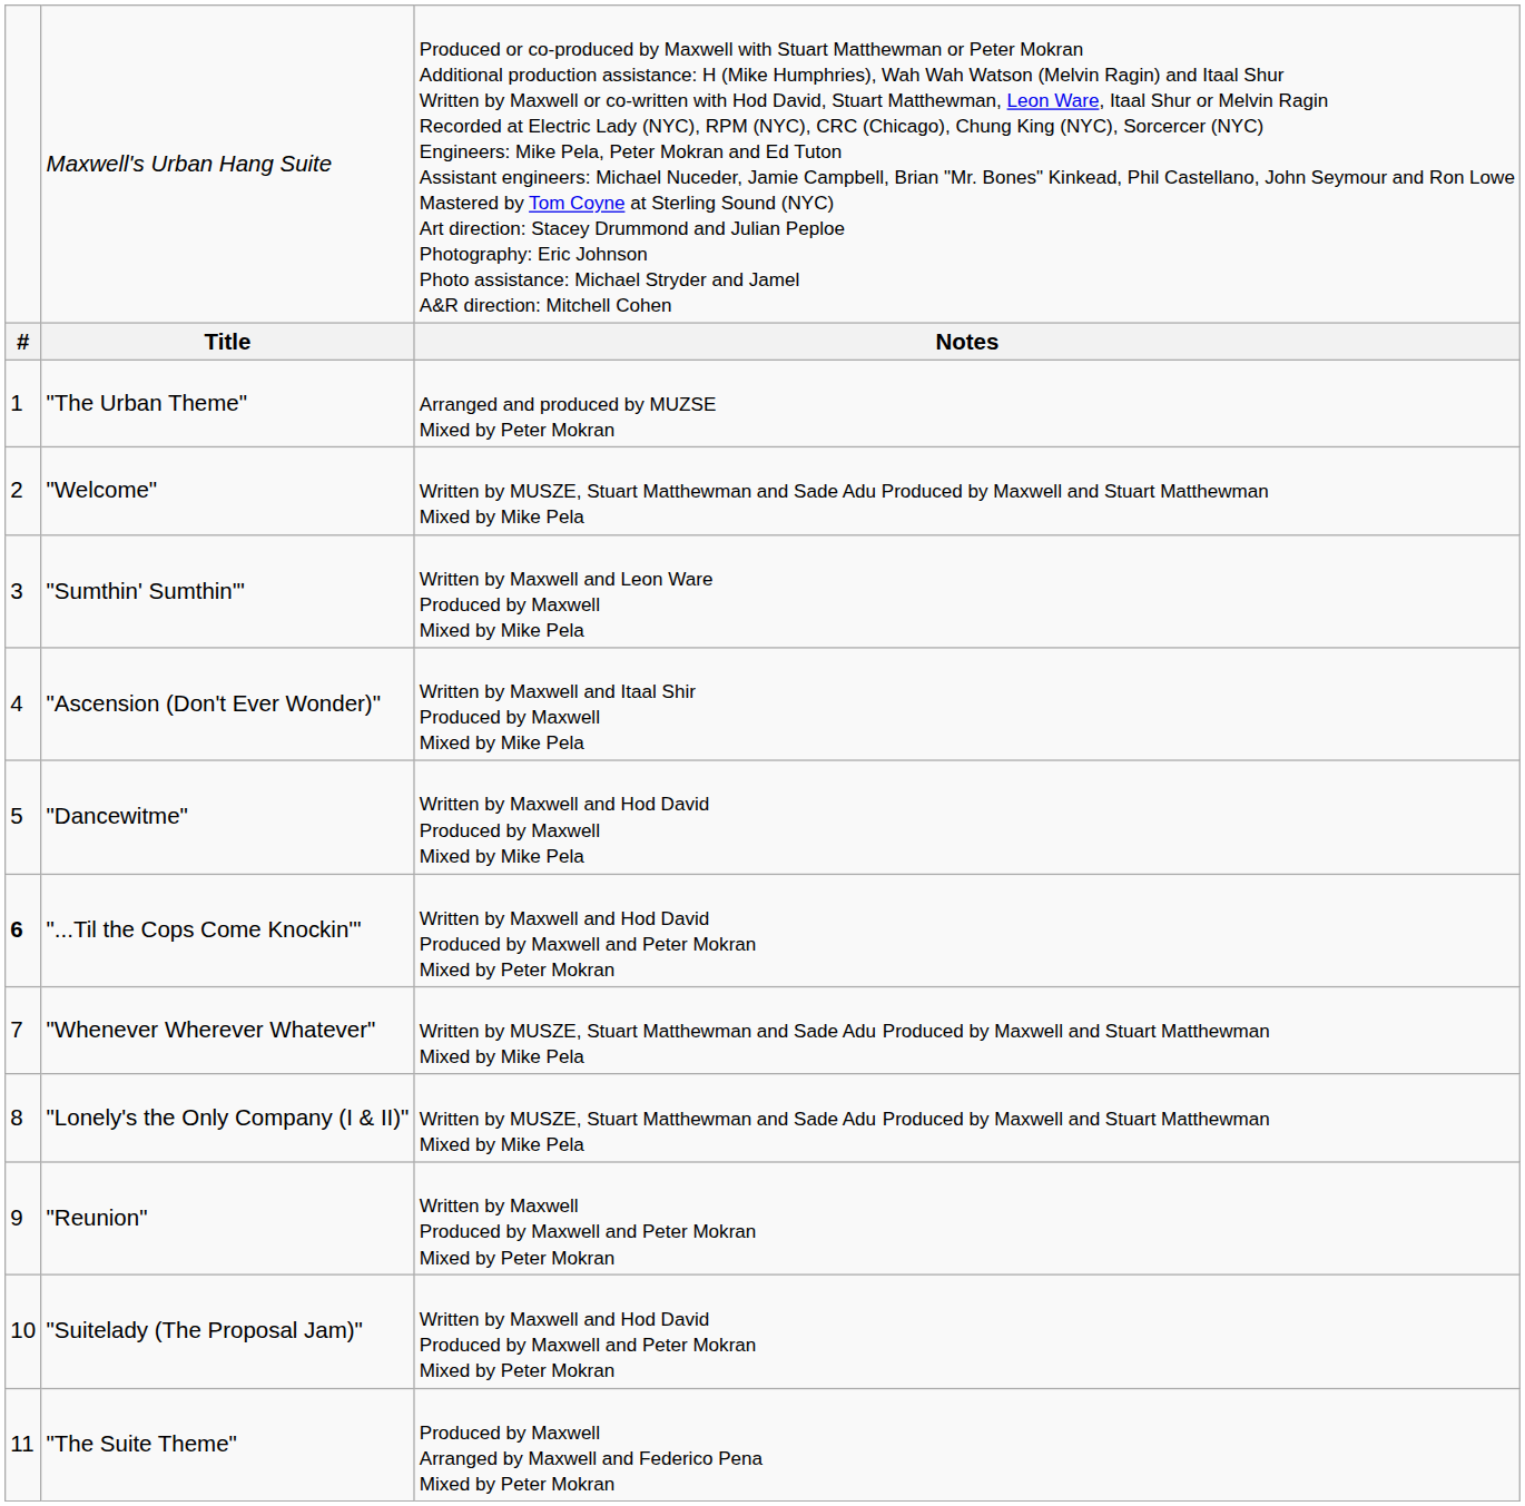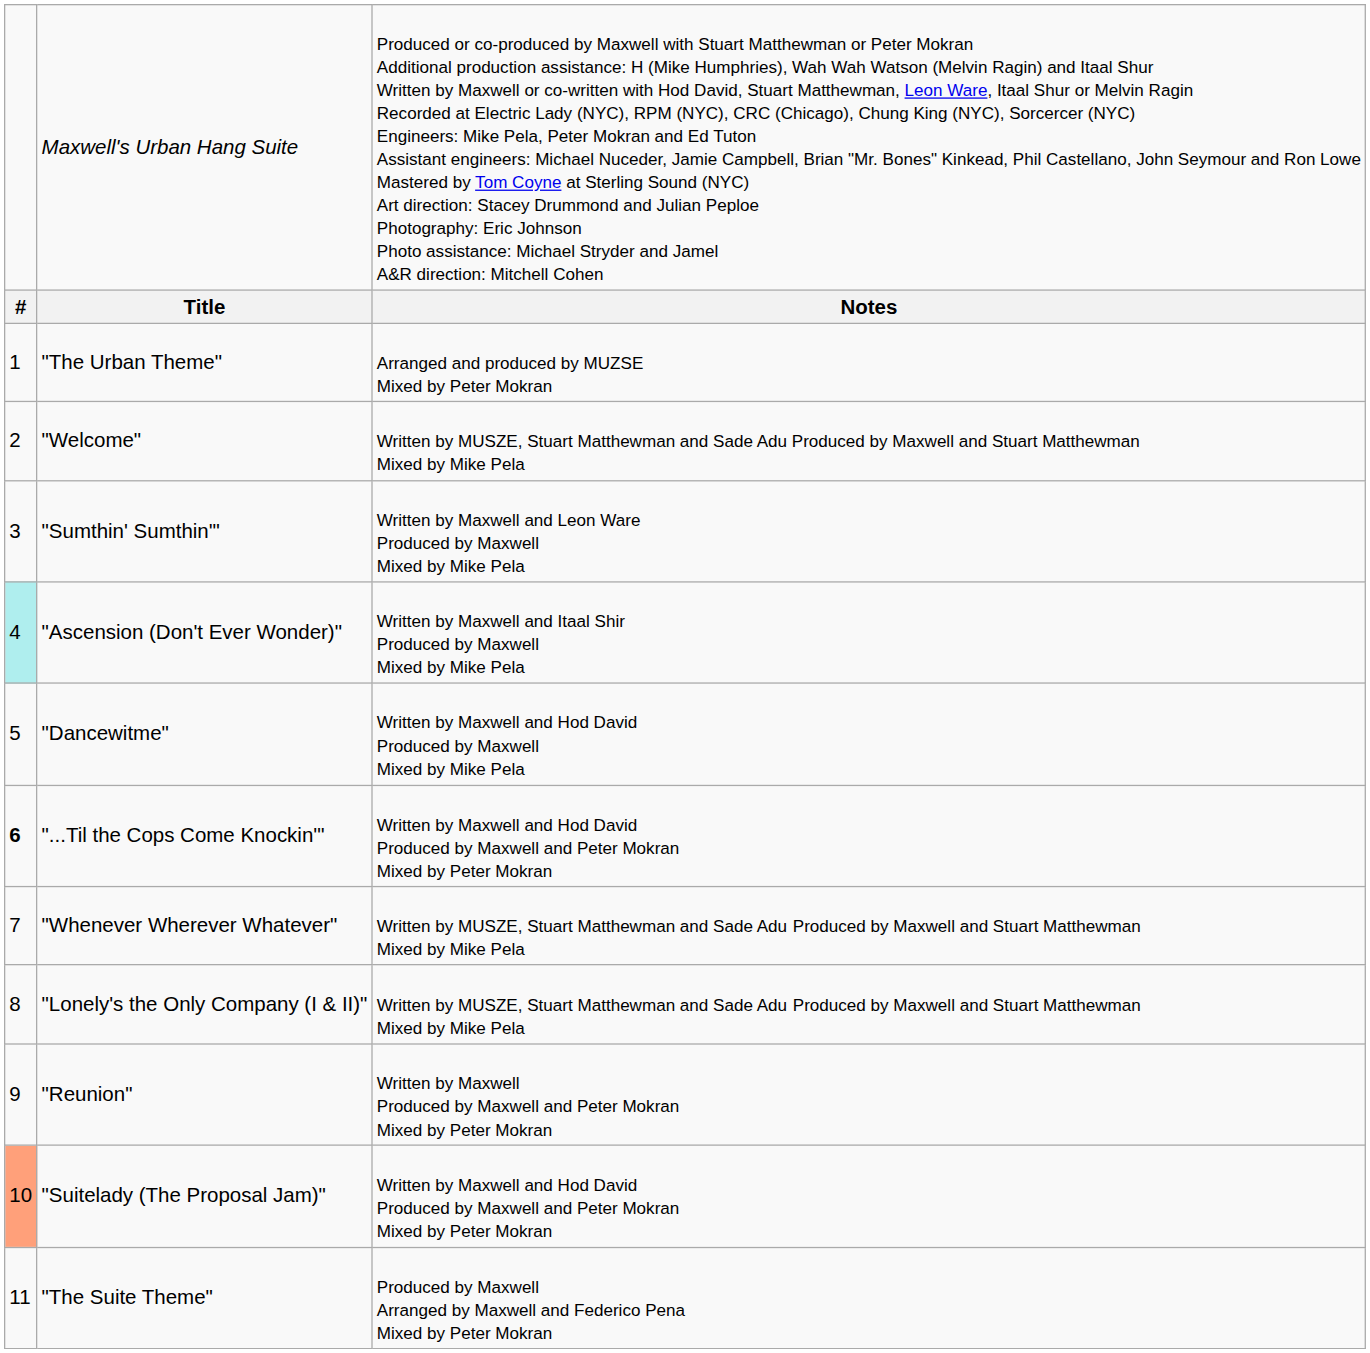 <table class="wikitable">
 <tr>
 <td></td>
 <td><em>Maxwell's Urban Hang Suite</em></td>
 <td><br><small>Produced or co-produced by Maxwell with Stuart Matthewman or Peter Mokran <br>Additional production assistance: H (Mike Humphries), Wah Wah Watson (Melvin Ragin) and Itaal Shur <br>Written by Maxwell or co-written with Hod David, Stuart Matthewman, <a href='#'>Leon Ware</a>, Itaal Shur or Melvin Ragin <br>Recorded at Electric Lady (NYC), RPM (NYC), CRC (Chicago), Chung King (NYC), Sorcercer (NYC) <br>Engineers: Mike Pela, Peter Mokran and Ed Tuton <br>Assistant engineers: Michael Nuceder, Jamie Campbell, Brian "Mr. Bones" Kinkead, Phil Castellano, John Seymour and Ron Lowe <br>Mastered by <a href='#'>Tom Coyne</a> at Sterling Sound (NYC) <br>Art direction: Stacey Drummond and Julian Peploe <br>Photography: Eric Johnson <br>Photo assistance: Michael Stryder and Jamel <br>A&R direction: Mitchell Cohen</small></td>
 </tr>
 <tr>
 <th>#</th>
 <th>Title</th>
 <th>Notes</th>
 </tr>
 <tr>
 <td>1</td>
 <td>"The Urban Theme"</td>
 <td><br><small>Arranged and produced by MUZSE <br>Mixed by Peter Mokran</small></td>
 </tr>
 <tr>
 <td>2</td>
 <td>"Welcome"</td>
 <td><br><small>Written by MUSZE, Stuart Matthewman and Sade Adu Produced by Maxwell and Stuart Matthewman <br>Mixed by Mike Pela</small></td>
 </tr>
 <tr>
 <td>3</td>
 <td>"Sumthin' Sumthin'"</td>
 <td><br><small>Written by Maxwell and Leon Ware <br>Produced by Maxwell <br>Mixed by Mike Pela</small></td>
 </tr>
 <tr>
-<td>4</td>
+<td style="background: paleturquoise;">4</td>
 <td>"Ascension (Don't Ever Wonder)"</td>
 <td><br><small>Written by Maxwell and Itaal Shir <br>Produced by Maxwell <br>Mixed by Mike Pela</small></td>
 </tr>
 <tr>
 <td>5</td>
 <td>"Dancewitme"</td>
 <td><br><small>Written by Maxwell and Hod David <br>Produced by Maxwell <br>Mixed by Mike Pela</small></td>
 </tr>
 <tr>
 <td><strong>6</strong></td>
 <td>"...Til the Cops Come Knockin'"</td>
 <td><br><small>Written by Maxwell and Hod David <br>Produced by Maxwell and Peter Mokran <br>Mixed by Peter Mokran</small></td>
 </tr>
 <tr>
 <td>7</td>
 <td>"Whenever Wherever Whatever"</td>
 <td><br><small>Written by MUSZE, Stuart Matthewman and Sade Adu</small> <small>Produced by Maxwell and Stuart Matthewman <br>Mixed by Mike Pela</small></td>
 </tr>
 <tr>
 <td>8</td>
 <td>"Lonely's the Only Company (I & II)"</td>
 <td><br><small>Written by MUSZE, Stuart Matthewman and Sade Adu</small> <small>Produced by Maxwell and Stuart Matthewman <br>Mixed by Mike Pela</small></td>
 </tr>
 <tr>
 <td>9</td>
 <td>"Reunion"</td>
 <td><br><small>Written by Maxwell <br>Produced by Maxwell and Peter Mokran <br>Mixed by Peter Mokran</small></td>
 </tr>
 <tr>
-<td>10</td>
+<td style="background: lightsalmon;">10</td>
 <td>"Suitelady (The Proposal Jam)"</td>
 <td><br><small>Written by Maxwell and Hod David <br>Produced by Maxwell and Peter Mokran <br>Mixed by Peter Mokran</small></td>
 </tr>
 <tr>
 <td>11</td>
 <td>"The Suite Theme"</td>
 <td><br><small>Produced by Maxwell <br>Arranged by Maxwell and Federico Pena <br>Mixed by Peter Mokran</small></td>
 </tr>
 </table>
